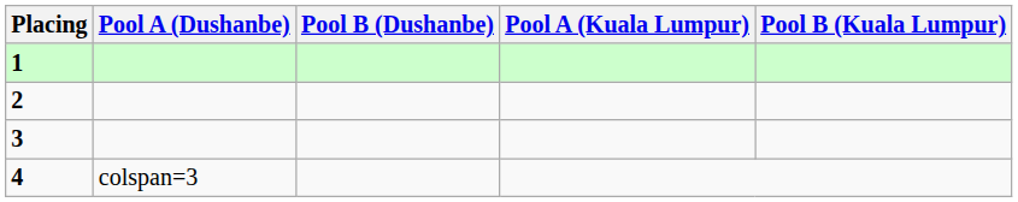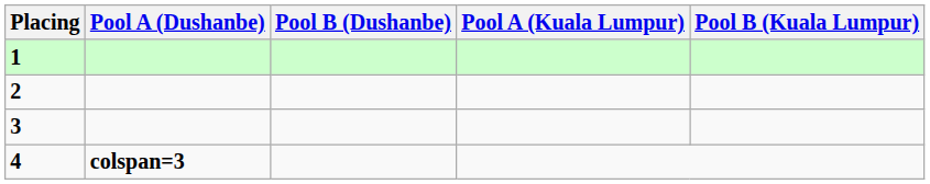 <table class=wikitable style="border:1px solid #AAAAAA;">
 <tr>
 <th>Placing</th>
 <th><a href='#'>Pool A (Dushanbe)</a></th>
 <th><a href='#'>Pool B (Dushanbe)</a></th>
 <th><a href='#'>Pool A (Kuala Lumpur)</a></th>
 <th><a href='#'>Pool B (Kuala Lumpur)</a></th>
 </tr>
 <tr style="background: #ccffcc;">
 <td><strong>1</strong></td>
 <td></td>
 <td></td>
 <td></td>
 <td></td>
 </tr>
 <tr>
 <td><strong>2</strong></td>
 <td></td>
 <td></td>
 <td></td>
 <td></td>
 </tr>
 <tr>
 <td><strong>3</strong></td>
 <td></td>
 <td></td>
 <td></td>
 <td></td>
 </tr>
 <tr>
 <td><strong>4</strong></td>
-<td>colspan=3 </td>
+<td><strong>colspan=3 </strong></td>
 <td></td>
 </tr>
 </table>
